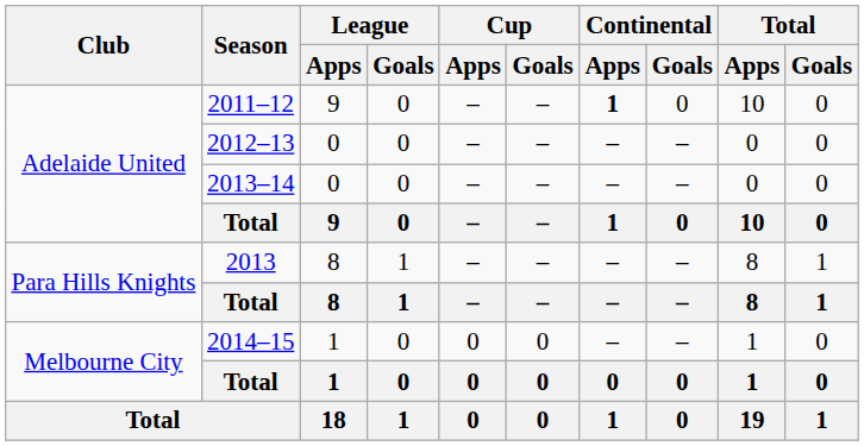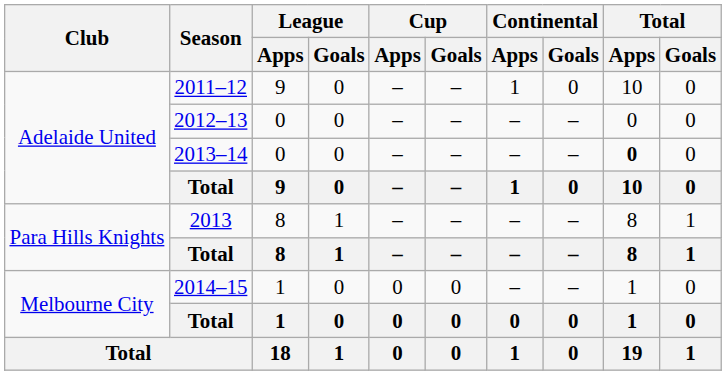 <table class="wikitable" style="text-align: center;">
 <tr>
 <th rowspan="2">Club</th>
 <th rowspan="2">Season</th>
 <th colspan="2">League</th>
 <th colspan="2">Cup</th>
 <th colspan="2">Continental</th>
 <th colspan="2">Total</th>
 </tr>
 <tr>
 <th>Apps</th>
 <th>Goals</th>
 <th>Apps</th>
 <th>Goals</th>
 <th>Apps</th>
 <th>Goals</th>
 <th>Apps</th>
 <th>Goals</th>
 </tr>
 <tr>
 <td rowspan="4" valign="center"><a href='#'>Adelaide United</a></td>
 <td><a href='#'>2011–12</a></td>
 <td>9</td>
 <td>0</td>
 <td>–</td>
 <td>–</td>
-<td><strong>1</strong></td>
+<td>1</td>
 <td>0</td>
 <td>10</td>
 <td>0</td>
 </tr>
 <tr>
 <td><a href='#'>2012–13</a></td>
 <td>0</td>
 <td>0</td>
 <td>–</td>
 <td>–</td>
 <td>–</td>
 <td>–</td>
 <td>0</td>
 <td>0</td>
 </tr>
 <tr>
 <td><a href='#'>2013–14</a></td>
 <td>0</td>
 <td>0</td>
 <td>–</td>
 <td>–</td>
 <td>–</td>
 <td>–</td>
-<td>0</td>
+<td><strong>0</strong></td>
 <td>0</td>
 </tr>
 <tr>
 <th>Total</th>
 <th>9</th>
 <th>0</th>
 <th>–</th>
 <th>–</th>
 <th>1</th>
 <th>0</th>
 <th>10</th>
 <th>0</th>
 </tr>
 <tr>
 <td rowspan="2" valign="center"><a href='#'>Para Hills Knights</a></td>
 <td><a href='#'>2013</a></td>
 <td>8</td>
 <td>1</td>
 <td>–</td>
 <td>–</td>
 <td>–</td>
 <td>–</td>
 <td>8</td>
 <td>1</td>
 </tr>
 <tr>
 <th>Total</th>
 <th>8</th>
 <th>1</th>
 <th>–</th>
 <th>–</th>
 <th>–</th>
 <th>–</th>
 <th>8</th>
 <th>1</th>
 </tr>
 <tr>
 <td rowspan="2" valign="center"><a href='#'>Melbourne City</a></td>
 <td><a href='#'>2014–15</a></td>
 <td>1</td>
 <td>0</td>
 <td>0</td>
 <td>0</td>
 <td>–</td>
 <td>–</td>
 <td>1</td>
 <td>0</td>
 </tr>
 <tr>
 <th>Total</th>
 <th>1</th>
 <th>0</th>
 <th>0</th>
 <th>0</th>
 <th>0</th>
 <th>0</th>
 <th>1</th>
 <th>0</th>
 </tr>
 <tr>
 <th colspan="2">Total</th>
 <th>18</th>
 <th>1</th>
 <th>0</th>
 <th>0</th>
 <th>1</th>
 <th>0</th>
 <th>19</th>
 <th>1</th>
 </tr>
 </table>
